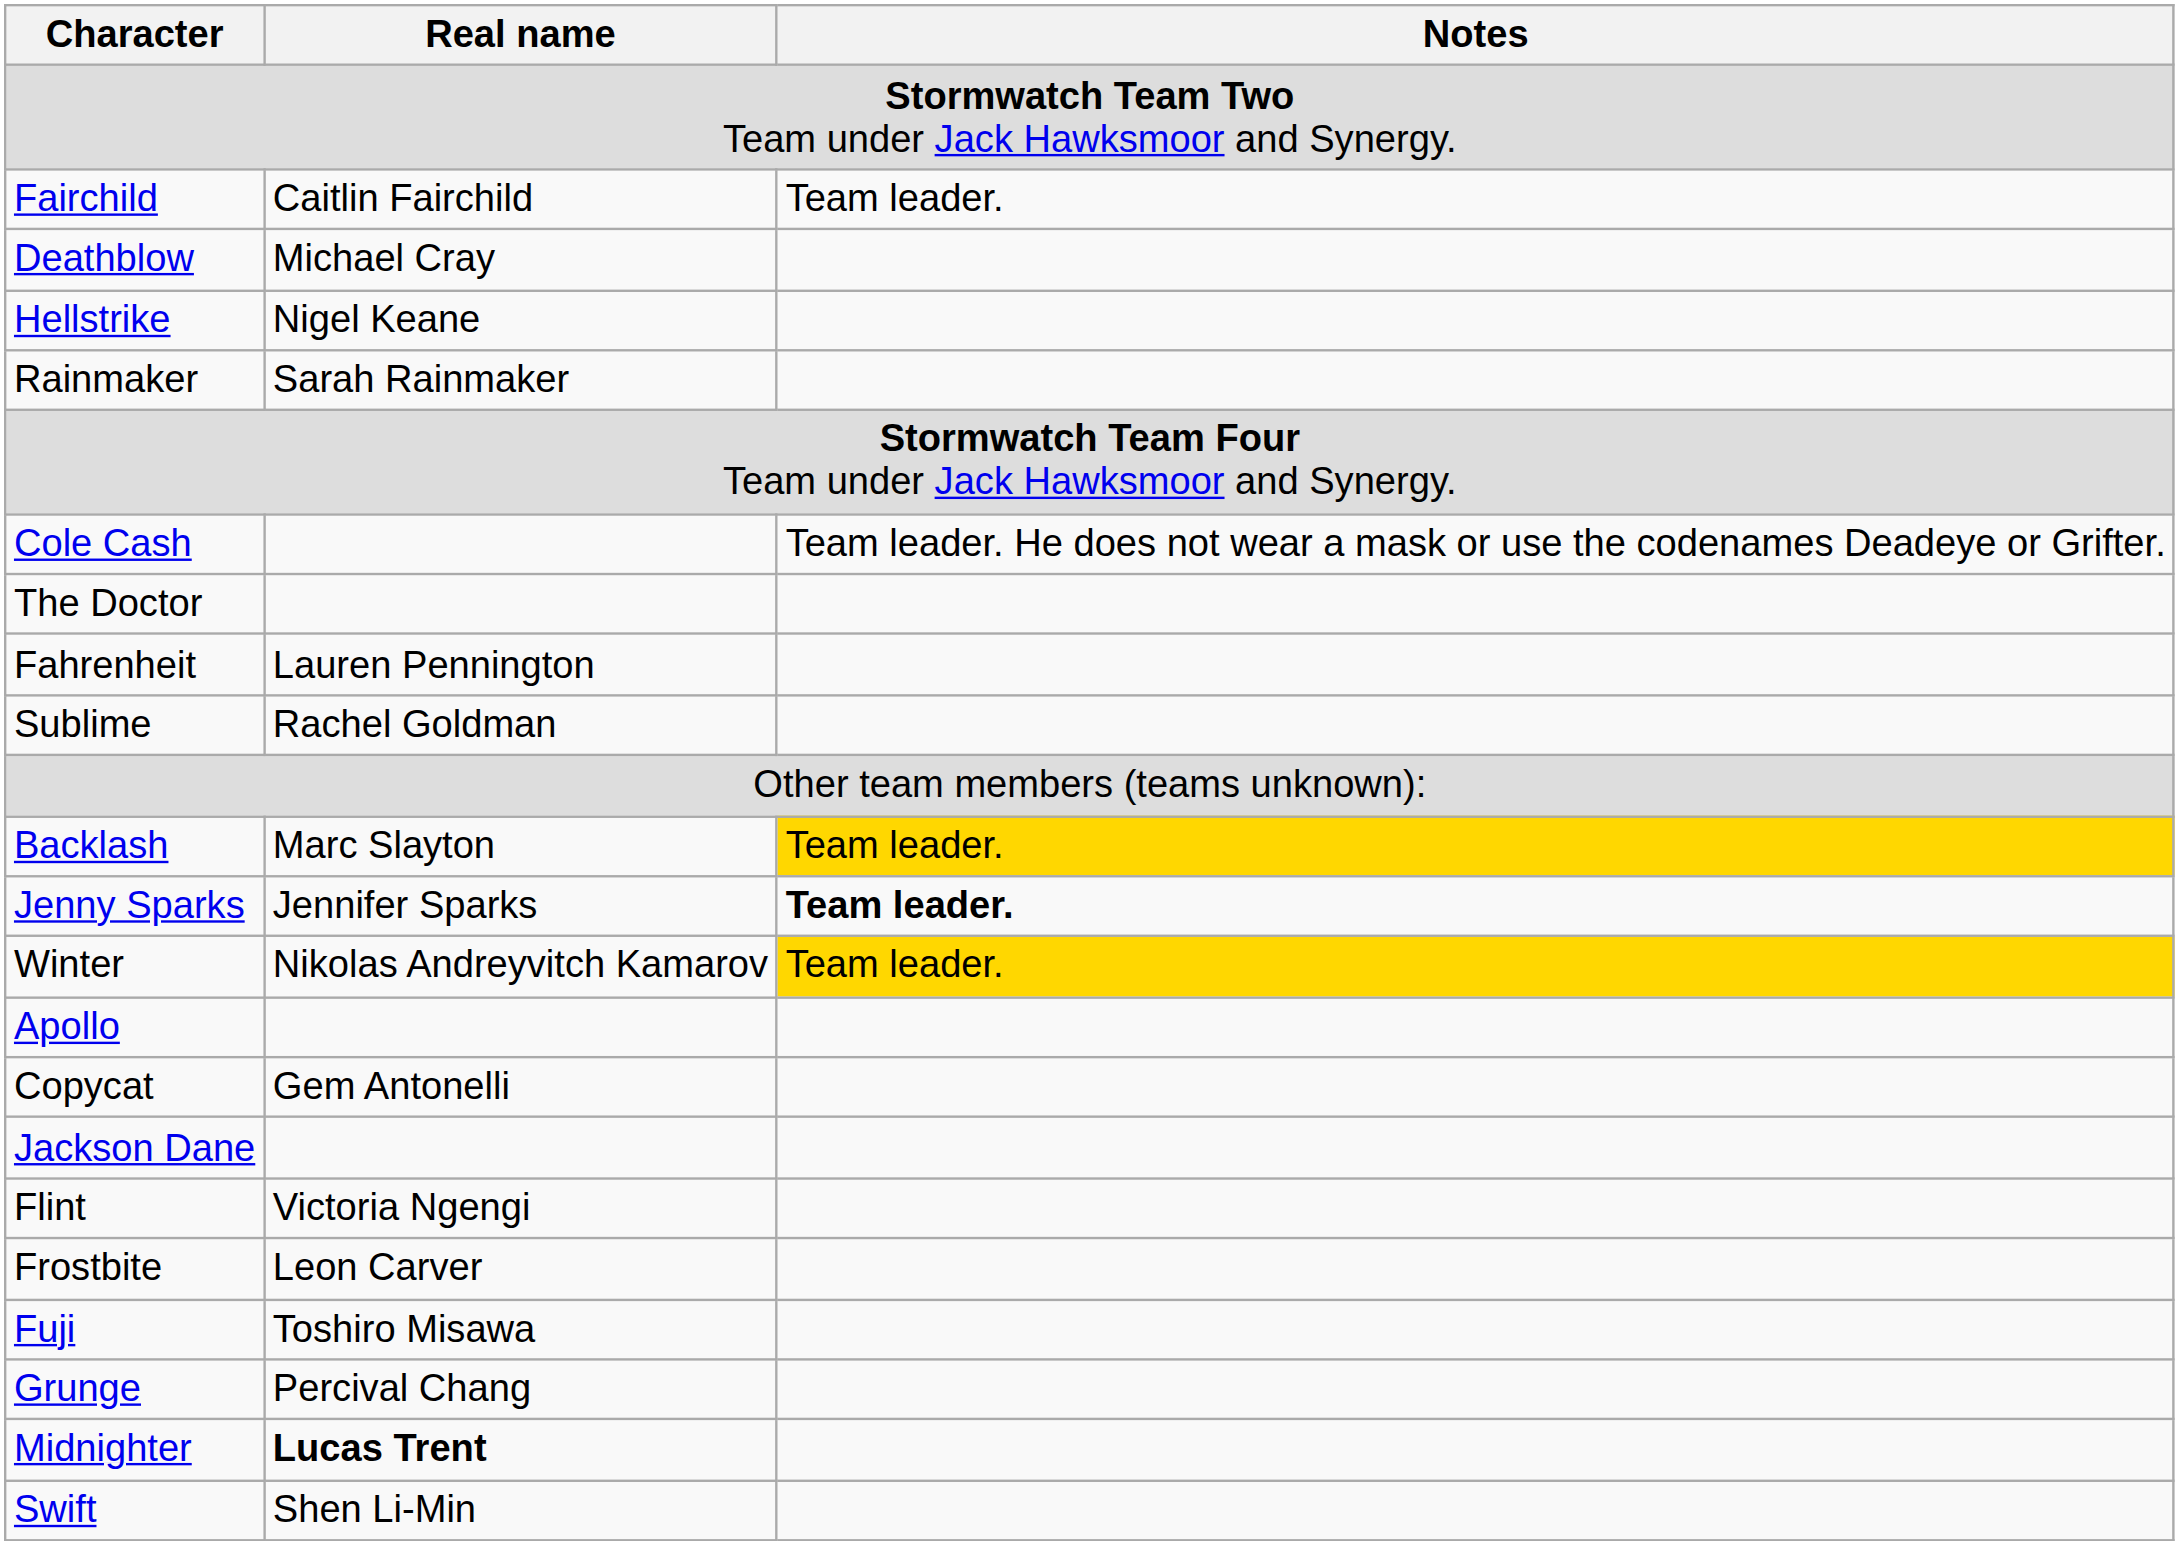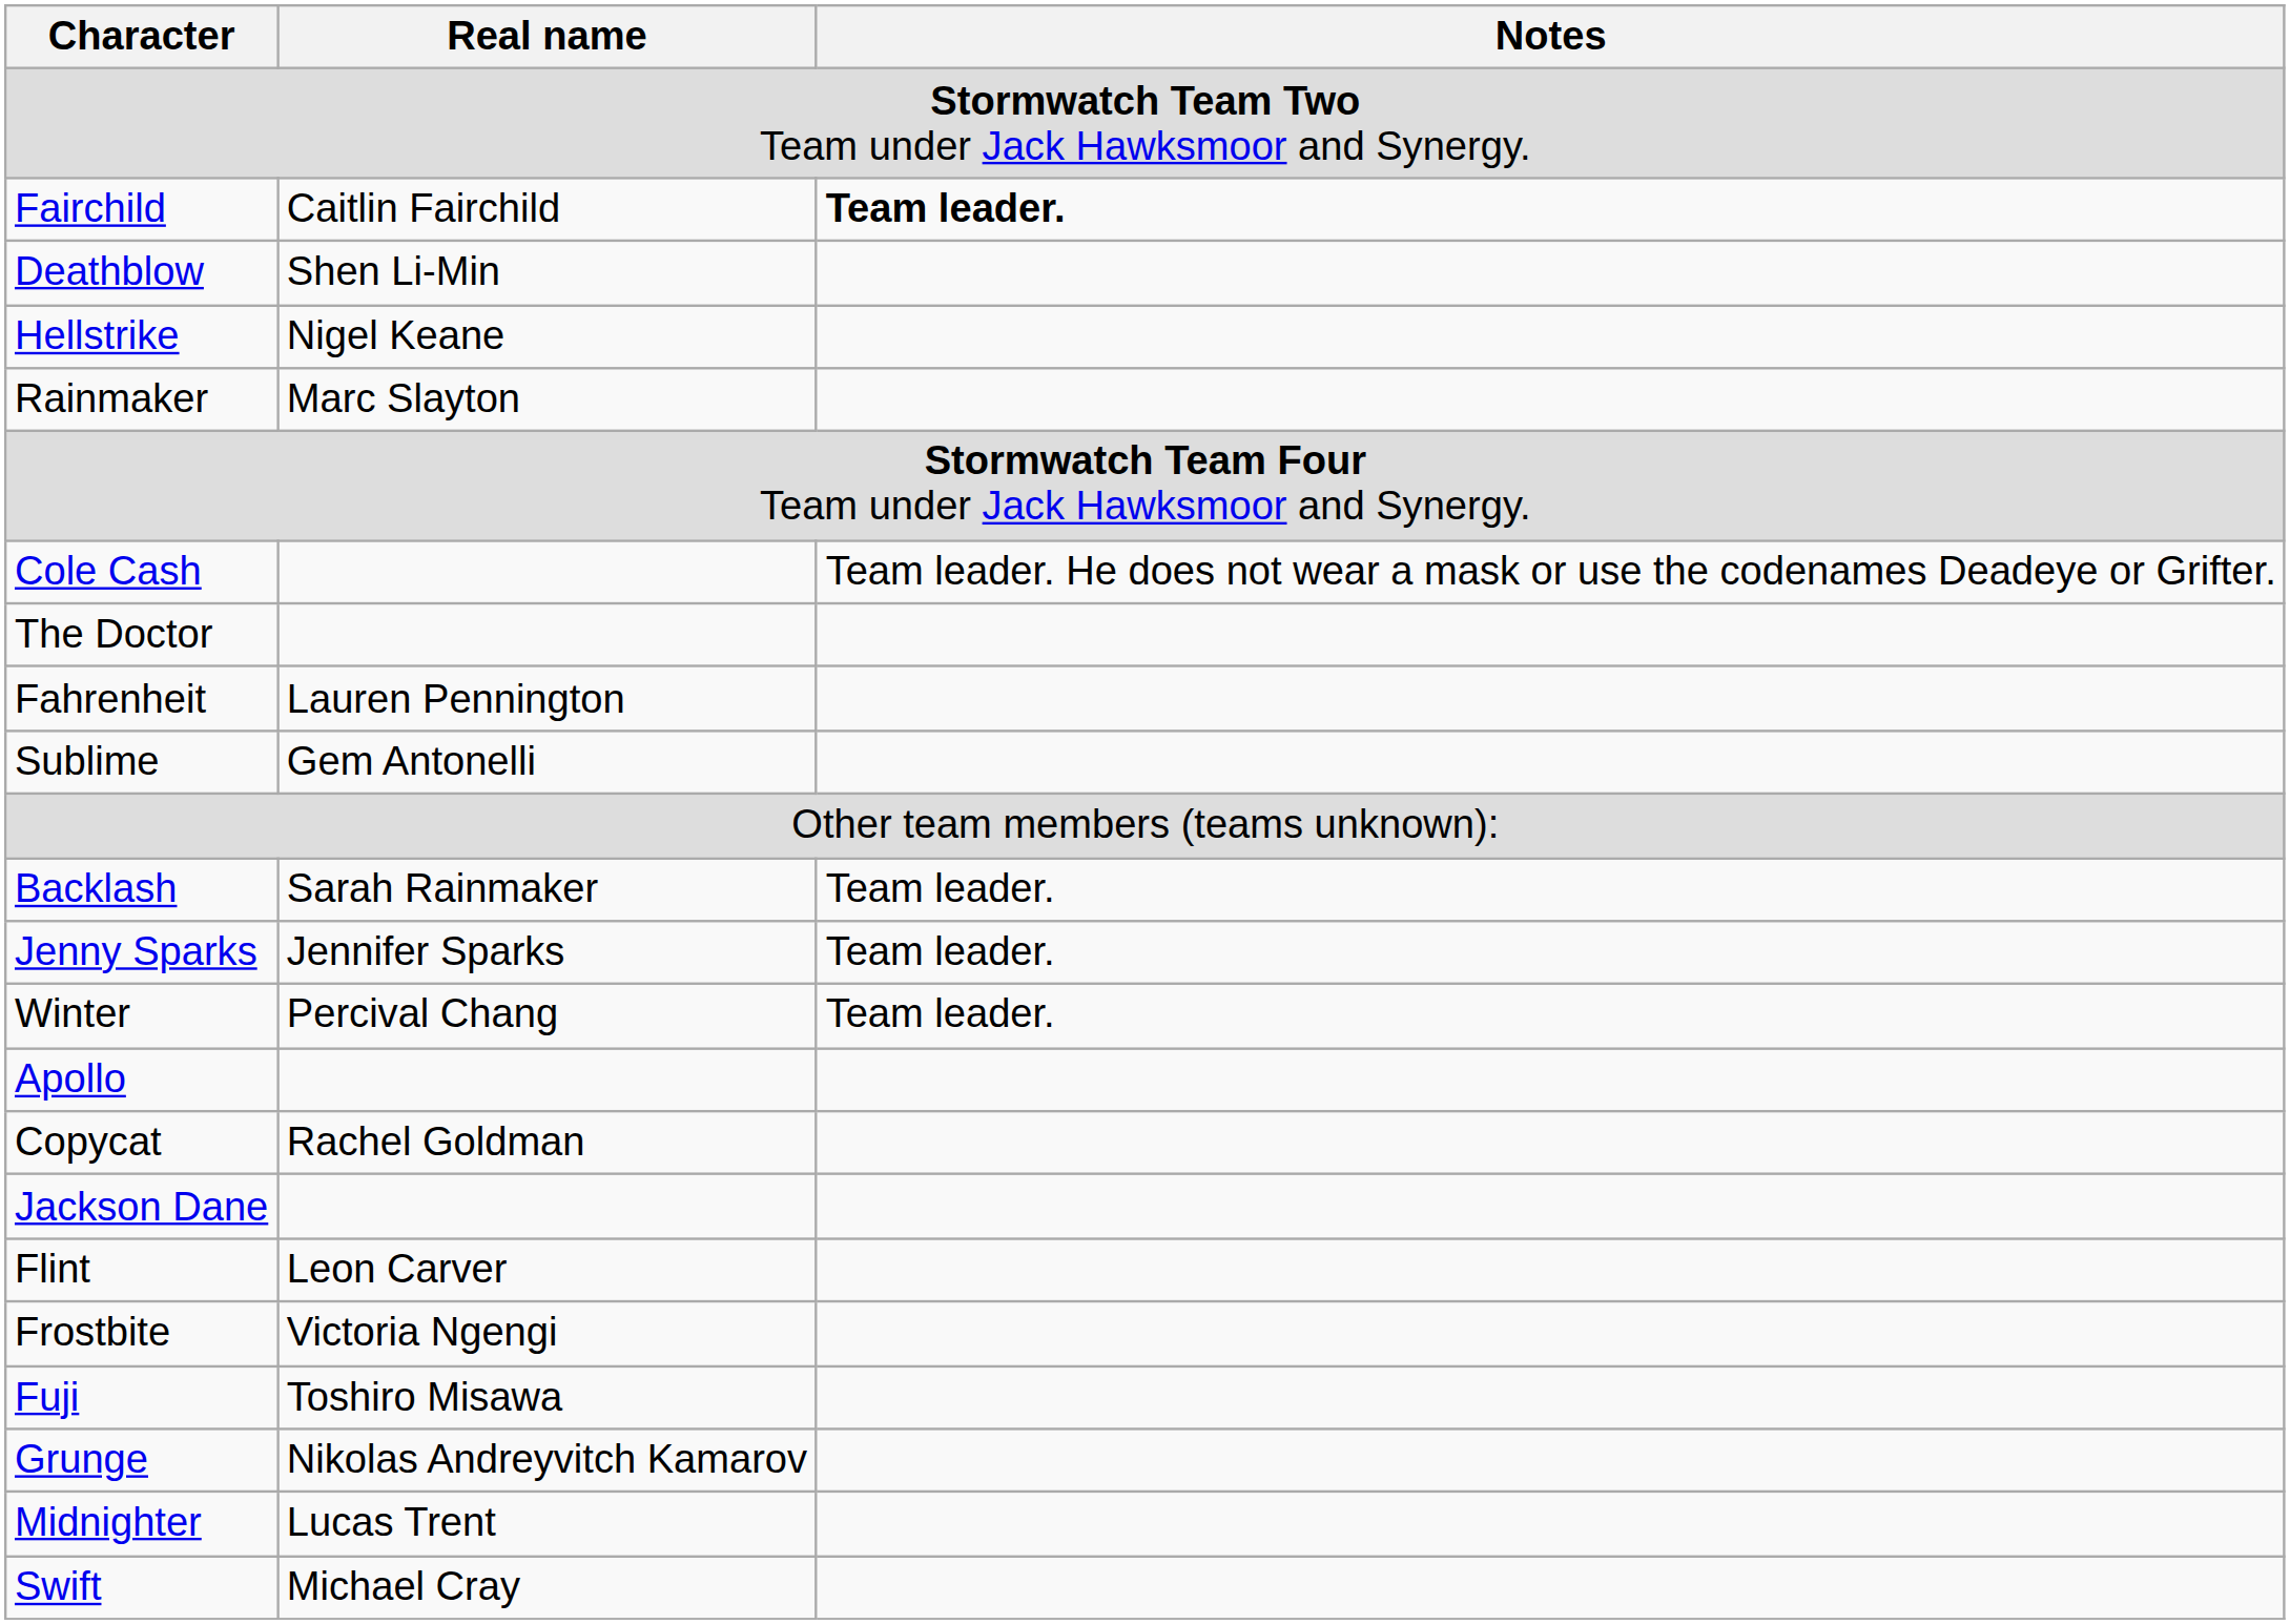 <table class="wikitable">
 <tr>
 <th>Character</th>
 <th>Real name</th>
 <th>Notes</th>
 </tr>
 <tr bgcolor="#DDDDDD">
 <td colspan=5 align=center><strong>Stormwatch Team Two</strong><br>Team under <a href='#'>Jack Hawksmoor</a> and Synergy.</td>
 </tr>
 <tr>
 <td><a href='#'>Fairchild</a></td>
 <td>Caitlin Fairchild</td>
-<td>Team leader.</td>
+<td><strong>Team leader.</strong></td>
 </tr>
 <tr>
 <td><a href='#'>Deathblow</a></td>
-<td>Michael Cray</td>
+<td>Shen Li-Min</td>
 <td></td>
 </tr>
 <tr>
 <td><a href='#'>Hellstrike</a></td>
 <td>Nigel Keane</td>
 <td></td>
 </tr>
 <tr>
 <td>Rainmaker</td>
-<td>Sarah Rainmaker</td>
+<td>Marc Slayton</td>
 <td></td>
 </tr>
 <tr bgcolor="#DDDDDD">
 <td colspan=5 align=center><strong>Stormwatch Team Four</strong><br>Team under <a href='#'>Jack Hawksmoor</a> and Synergy.</td>
 </tr>
 <tr>
 <td><a href='#'>Cole Cash</a></td>
 <td></td>
 <td>Team leader. He does not wear a mask or use the codenames Deadeye or Grifter.</td>
 </tr>
 <tr>
 <td>The Doctor</td>
 <td></td>
 <td></td>
 </tr>
 <tr>
 <td>Fahrenheit</td>
 <td>Lauren Pennington</td>
 <td></td>
 </tr>
 <tr>
 <td>Sublime</td>
-<td>Rachel Goldman</td>
+<td>Gem Antonelli</td>
 <td></td>
 </tr>
 <tr bgcolor="#DDDDDD">
 <td colspan=5 align=center>Other team members (teams unknown):</td>
 </tr>
 <tr>
 <td><a href='#'>Backlash</a></td>
-<td>Marc Slayton</td>
-<td style="background: gold;">Team leader.</td>
+<td>Sarah Rainmaker</td>
+<td>Team leader.</td>
 </tr>
 <tr>
 <td><a href='#'>Jenny Sparks</a></td>
 <td>Jennifer Sparks</td>
-<td><strong>Team leader.</strong></td>
+<td>Team leader.</td>
 </tr>
 <tr>
 <td>Winter</td>
-<td>Nikolas Andreyvitch Kamarov</td>
-<td style="background: gold;">Team leader.</td>
+<td>Percival Chang</td>
+<td>Team leader.</td>
 </tr>
 <tr>
 <td><a href='#'>Apollo</a></td>
 <td></td>
 <td></td>
 </tr>
 <tr>
 <td>Copycat</td>
-<td>Gem Antonelli</td>
+<td>Rachel Goldman</td>
 <td></td>
 </tr>
 <tr>
 <td><a href='#'>Jackson Dane</a></td>
 <td></td>
 <td></td>
 </tr>
 <tr>
 <td>Flint</td>
-<td>Victoria Ngengi</td>
+<td>Leon Carver</td>
 <td></td>
 </tr>
 <tr>
 <td>Frostbite</td>
-<td>Leon Carver</td>
+<td>Victoria Ngengi</td>
 <td></td>
 </tr>
 <tr>
 <td><a href='#'>Fuji</a></td>
 <td>Toshiro Misawa</td>
 <td></td>
 </tr>
 <tr>
 <td><a href='#'>Grunge</a></td>
-<td>Percival Chang</td>
+<td>Nikolas Andreyvitch Kamarov</td>
 <td></td>
 </tr>
 <tr>
 <td><a href='#'>Midnighter</a></td>
-<td><strong>Lucas Trent</strong></td>
+<td>Lucas Trent</td>
 <td></td>
 </tr>
 <tr>
 <td><a href='#'>Swift</a></td>
-<td>Shen Li-Min</td>
+<td>Michael Cray</td>
 <td></td>
 </tr>
 </table>
